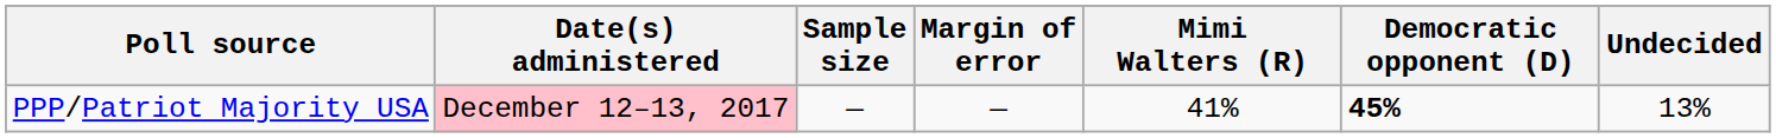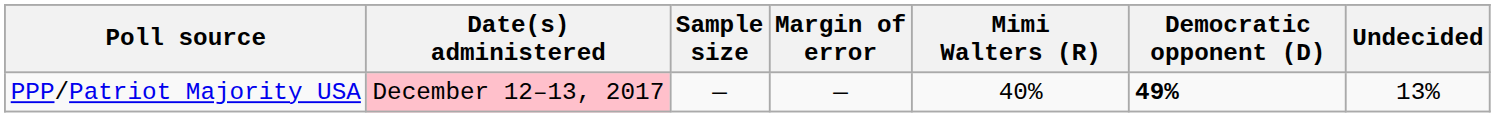 <table class="wikitable">
 <tr>
 <th>Poll source</th>
 <th>Date(s)<br>administered</th>
 <th>Sample<br>size</th>
 <th>Margin of<br>error</th>
 <th style="width:110px;">Mimi<br>Walters (R)</th>
 <th style="width:110px;">Democratic<br>opponent (D)</th>
 <th>Undecided</th>
 </tr>
 <tr>
 <td><a href='#'>PPP</a>/<a href='#'>Patriot Majority USA</a></td>
 <td style="background: pink; text-align:center">December 12–13, 2017</td>
 <td style="text-align:center">—</td>
 <td style="text-align:center">—</td>
-<td style="text-align:center">41%</td>
-<td style="background-color:"><strong>45%</strong></td>
+<td style="text-align:center">40%</td>
+<td style="background-color:"><strong>49%</strong></td>
 <td style="text-align:center">13%</td>
 </tr>
 </table>
